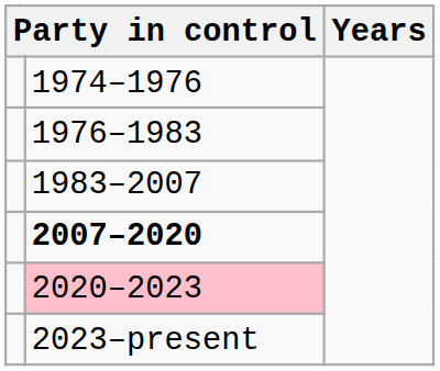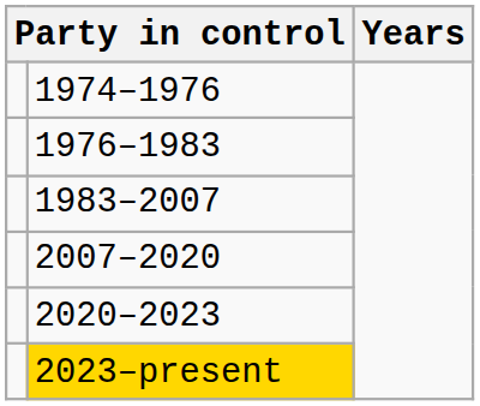 <table class="wikitable">
 <tr>
 <th colspan=2>Party in control</th>
 <th>Years</th>
 </tr>
 <tr>
 <td></td>
 <td>1974–1976</td>
 </tr>
 <tr>
 <td></td>
 <td>1976–1983</td>
 </tr>
 <tr>
 <td></td>
 <td>1983–2007</td>
 </tr>
 <tr>
 <td></td>
-<td><strong>2007–2020</strong></td>
+<td>2007–2020</td>
 </tr>
 <tr>
 <td></td>
-<td style="background: pink;">2020–2023</td>
+<td>2020–2023</td>
 </tr>
 <tr>
 <td></td>
-<td>2023–present</td>
+<td style="background: gold;">2023–present</td>
 </tr>
 </table>
